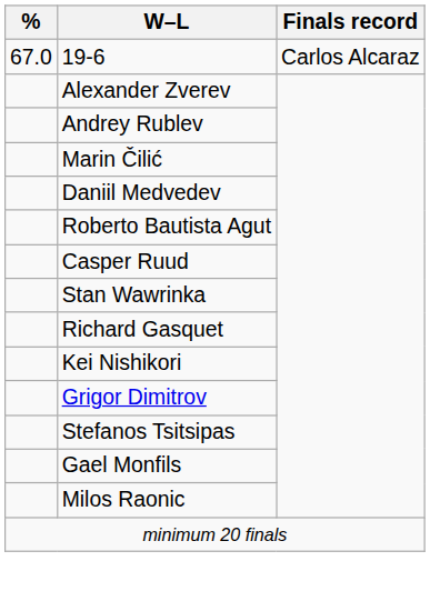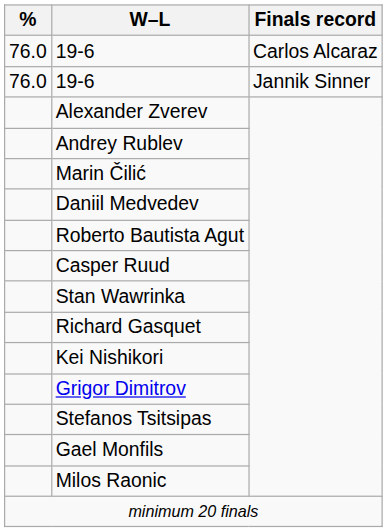 <table class="wikitable" style="display: inline-table;">
 <tr>
 <th>%</th>
 <th>W–L</th>
 <th>Finals record</th>
 </tr>
 <tr>
-<td>67.0</td>
+<td>76.0</td>
 <td>19-6</td>
 <td> Carlos Alcaraz</td>
+</tr>
+<tr>
+<td>76.0</td>
+<td>19-6</td>
+<td> Jannik Sinner</td>
 </tr>
 <tr>
 <td></td>
 <td> Alexander Zverev</td>
 </tr>
 <tr>
 <td></td>
 <td> Andrey Rublev</td>
 </tr>
 <tr>
 <td></td>
 <td> Marin Čilić</td>
 </tr>
 <tr>
 <td></td>
 <td> Daniil Medvedev</td>
 </tr>
 <tr>
 <td></td>
 <td> Roberto Bautista Agut</td>
 </tr>
 <tr>
 <td></td>
 <td> Casper Ruud</td>
 </tr>
 <tr>
 <td></td>
 <td> Stan Wawrinka</td>
 </tr>
 <tr>
 <td></td>
 <td> Richard Gasquet</td>
 </tr>
 <tr>
 <td></td>
 <td> Kei Nishikori</td>
 </tr>
 <tr>
 <td></td>
 <td> <a href='#'>Grigor Dimitrov</a></td>
 </tr>
 <tr>
 <td></td>
 <td> Stefanos Tsitsipas</td>
 </tr>
 <tr>
 <td></td>
 <td> Gael Monfils</td>
 </tr>
 <tr>
 <td></td>
 <td> Milos Raonic</td>
 </tr>
 <tr>
 <td colspan="3" style="text-align: center;"><small><em>minimum 20 finals</em></small></td>
 </tr>
 </table>
